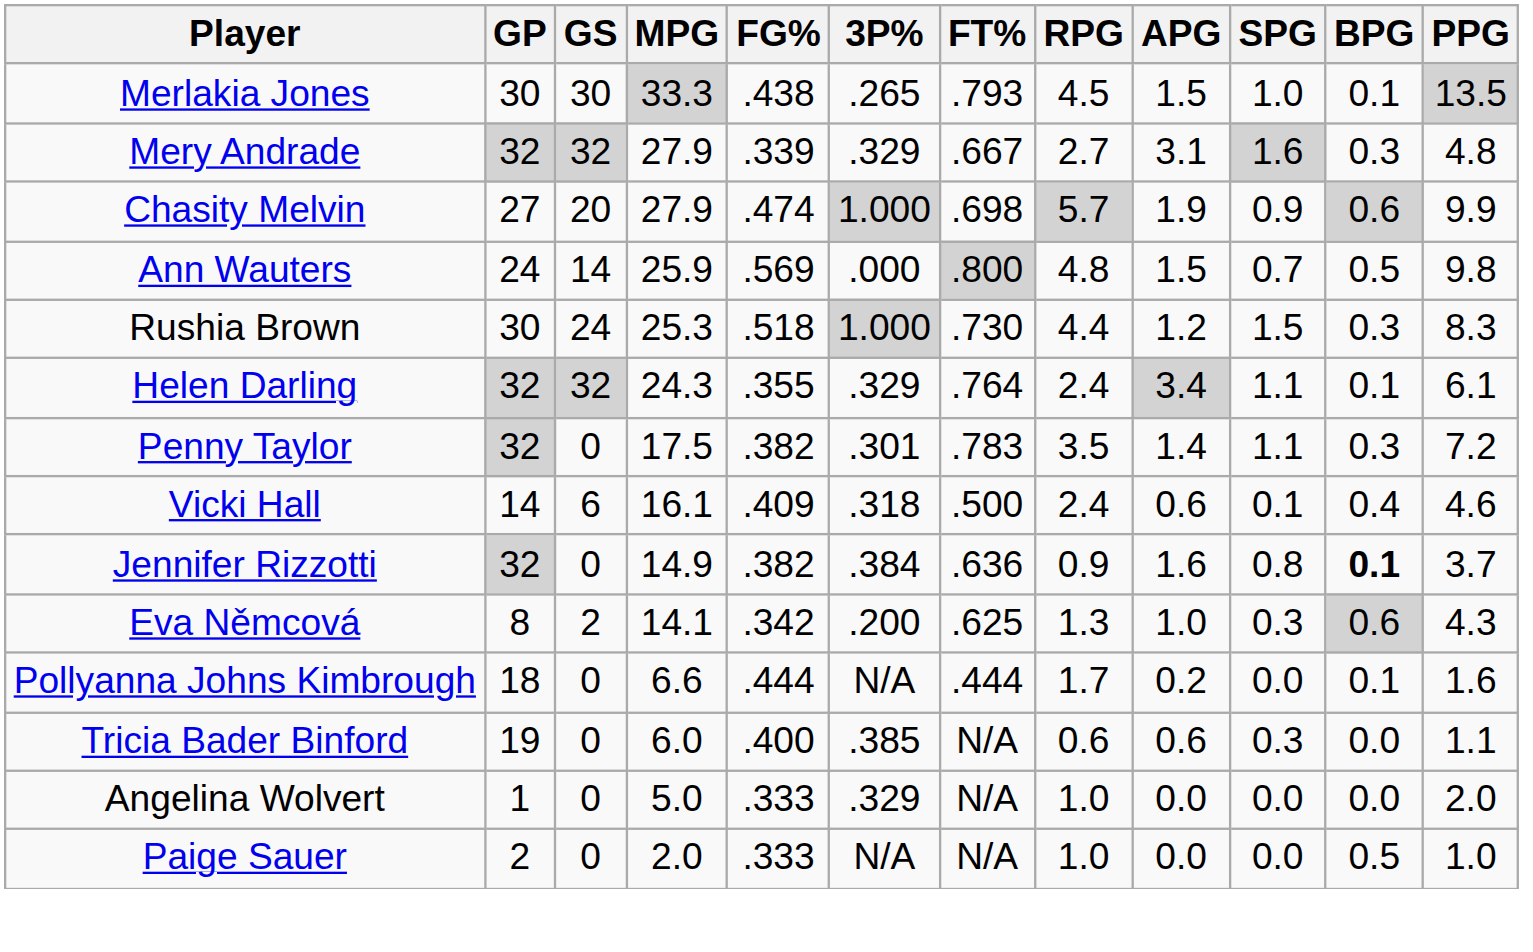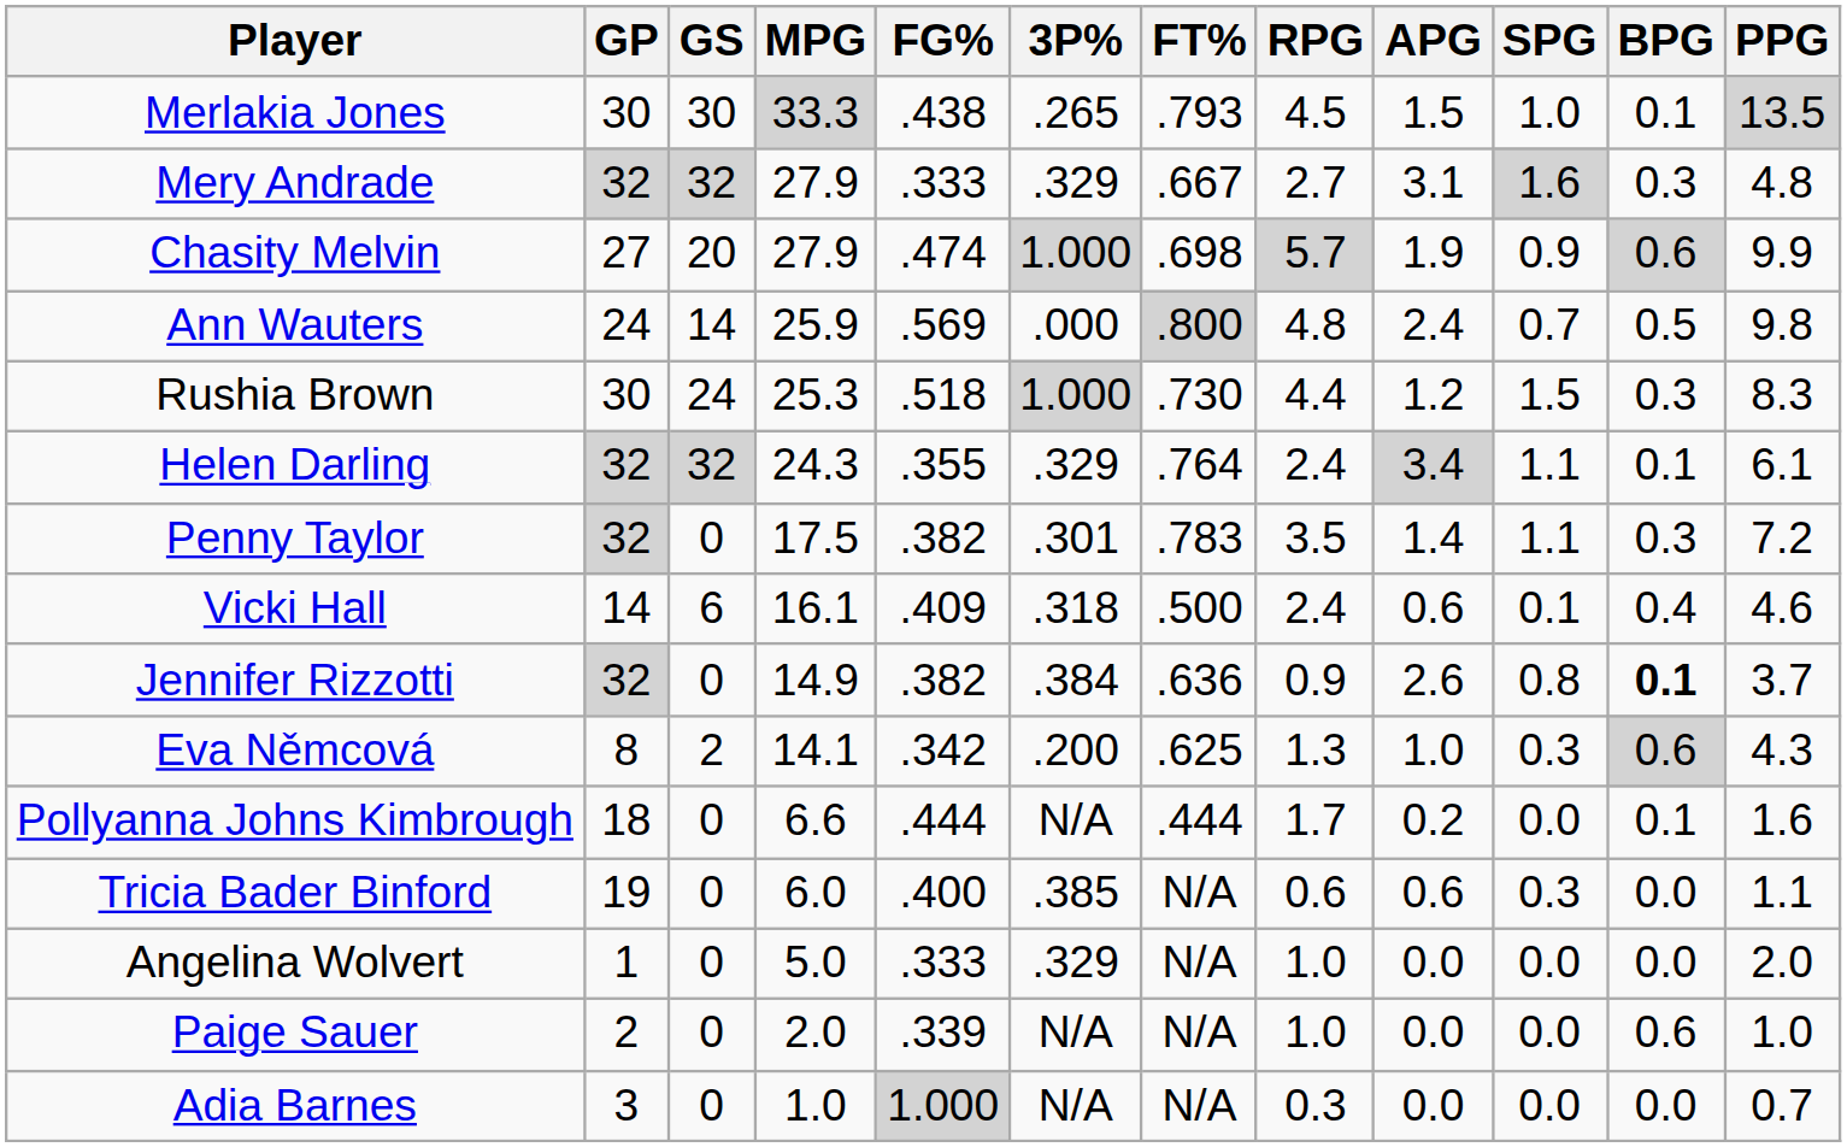 <table class="wikitable sortable" style="text-align:center;">
 <tr>
 <th>Player</th>
 <th>GP</th>
 <th>GS</th>
 <th>MPG</th>
 <th>FG%</th>
 <th>3P%</th>
 <th>FT%</th>
 <th>RPG</th>
 <th>APG</th>
 <th>SPG</th>
 <th>BPG</th>
 <th>PPG</th>
 </tr>
 <tr>
 <td><a href='#'>Merlakia Jones</a></td>
 <td>30</td>
 <td>30</td>
 <td style="background:#D3D3D3;">33.3</td>
 <td>.438</td>
 <td>.265</td>
 <td>.793</td>
 <td>4.5</td>
 <td>1.5</td>
 <td>1.0</td>
 <td>0.1</td>
 <td style="background:#D3D3D3;">13.5</td>
 </tr>
 <tr>
 <td><a href='#'>Mery Andrade</a></td>
 <td style="background:#D3D3D3;">32</td>
 <td style="background:#D3D3D3;">32</td>
 <td>27.9</td>
-<td>.339</td>
+<td>.333</td>
 <td>.329</td>
 <td>.667</td>
 <td>2.7</td>
 <td>3.1</td>
 <td style="background:#D3D3D3;">1.6</td>
 <td>0.3</td>
 <td>4.8</td>
 </tr>
 <tr>
 <td><a href='#'>Chasity Melvin</a></td>
 <td>27</td>
 <td>20</td>
 <td>27.9</td>
 <td>.474</td>
 <td style="background:#D3D3D3;">1.000</td>
 <td>.698</td>
 <td style="background:#D3D3D3;">5.7</td>
 <td>1.9</td>
 <td>0.9</td>
 <td style="background:#D3D3D3;">0.6</td>
 <td>9.9</td>
 </tr>
 <tr>
 <td><a href='#'>Ann Wauters</a></td>
 <td>24</td>
 <td>14</td>
 <td>25.9</td>
 <td>.569</td>
 <td>.000</td>
 <td style="background:#D3D3D3;">.800</td>
 <td>4.8</td>
-<td>1.5</td>
+<td>2.4</td>
 <td>0.7</td>
 <td>0.5</td>
 <td>9.8</td>
 </tr>
 <tr>
 <td>Rushia Brown</td>
 <td>30</td>
 <td>24</td>
 <td>25.3</td>
 <td>.518</td>
 <td style="background:#D3D3D3;">1.000</td>
 <td>.730</td>
 <td>4.4</td>
 <td>1.2</td>
 <td>1.5</td>
 <td>0.3</td>
 <td>8.3</td>
 </tr>
 <tr>
 <td><a href='#'>Helen Darling</a></td>
 <td style="background:#D3D3D3;">32</td>
 <td style="background:#D3D3D3;">32</td>
 <td>24.3</td>
 <td>.355</td>
 <td>.329</td>
 <td>.764</td>
 <td>2.4</td>
 <td style="background:#D3D3D3;">3.4</td>
 <td>1.1</td>
 <td>0.1</td>
 <td>6.1</td>
 </tr>
 <tr>
 <td><a href='#'>Penny Taylor</a></td>
 <td style="background:#D3D3D3;">32</td>
 <td>0</td>
 <td>17.5</td>
 <td>.382</td>
 <td>.301</td>
 <td>.783</td>
 <td>3.5</td>
 <td>1.4</td>
 <td>1.1</td>
 <td>0.3</td>
 <td>7.2</td>
 </tr>
 <tr>
 <td><a href='#'>Vicki Hall</a></td>
 <td>14</td>
 <td>6</td>
 <td>16.1</td>
 <td>.409</td>
 <td>.318</td>
 <td>.500</td>
 <td>2.4</td>
 <td>0.6</td>
 <td>0.1</td>
 <td>0.4</td>
 <td>4.6</td>
 </tr>
 <tr>
 <td><a href='#'>Jennifer Rizzotti</a></td>
 <td style="background:#D3D3D3;">32</td>
 <td>0</td>
 <td>14.9</td>
 <td>.382</td>
 <td>.384</td>
 <td>.636</td>
 <td>0.9</td>
-<td>1.6</td>
+<td>2.6</td>
 <td>0.8</td>
 <td><strong>0.1</strong></td>
 <td>3.7</td>
 </tr>
 <tr>
 <td><a href='#'>Eva Němcová</a></td>
 <td>8</td>
 <td>2</td>
 <td>14.1</td>
 <td>.342</td>
 <td>.200</td>
 <td>.625</td>
 <td>1.3</td>
 <td>1.0</td>
 <td>0.3</td>
 <td style="background:#D3D3D3;">0.6</td>
 <td>4.3</td>
 </tr>
 <tr>
 <td><a href='#'>Pollyanna Johns Kimbrough</a></td>
 <td>18</td>
 <td>0</td>
 <td>6.6</td>
 <td>.444</td>
 <td>N/A</td>
 <td>.444</td>
 <td>1.7</td>
 <td>0.2</td>
 <td>0.0</td>
 <td>0.1</td>
 <td>1.6</td>
 </tr>
 <tr>
 <td><a href='#'>Tricia Bader Binford</a></td>
 <td>19</td>
 <td>0</td>
 <td>6.0</td>
 <td>.400</td>
 <td>.385</td>
 <td>N/A</td>
 <td>0.6</td>
 <td>0.6</td>
 <td>0.3</td>
 <td>0.0</td>
 <td>1.1</td>
 </tr>
 <tr>
 <td>Angelina Wolvert</td>
 <td>1</td>
 <td>0</td>
 <td>5.0</td>
 <td>.333</td>
 <td>.329</td>
 <td>N/A</td>
 <td>1.0</td>
 <td>0.0</td>
 <td>0.0</td>
 <td>0.0</td>
 <td>2.0</td>
 </tr>
 <tr>
 <td><a href='#'>Paige Sauer</a></td>
 <td>2</td>
 <td>0</td>
 <td>2.0</td>
-<td>.333</td>
+<td>.339</td>
 <td>N/A</td>
 <td>N/A</td>
 <td>1.0</td>
 <td>0.0</td>
 <td>0.0</td>
-<td>0.5</td>
+<td>0.6</td>
 <td>1.0</td>
+</tr>
+<tr>
+<td><a href='#'>Adia Barnes</a></td>
+<td>3</td>
+<td>0</td>
+<td>1.0</td>
+<td style="background:#D3D3D3;">1.000</td>
+<td>N/A</td>
+<td>N/A</td>
+<td>0.3</td>
+<td>0.0</td>
+<td>0.0</td>
+<td>0.0</td>
+<td>0.7</td>
 </tr>
 <tr>
 </tr>
 </table>
